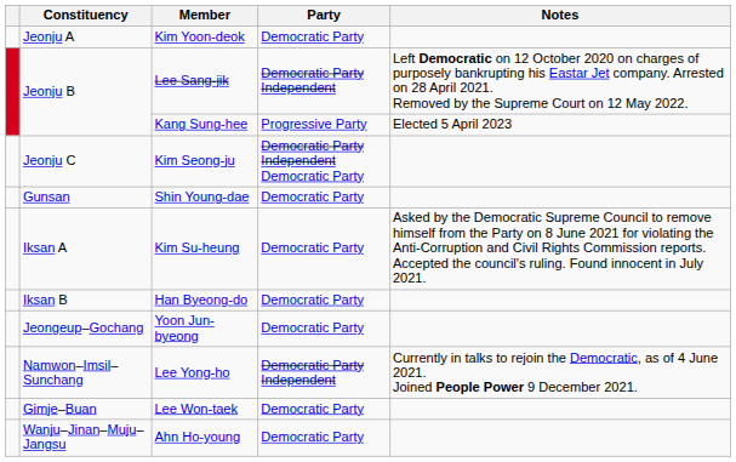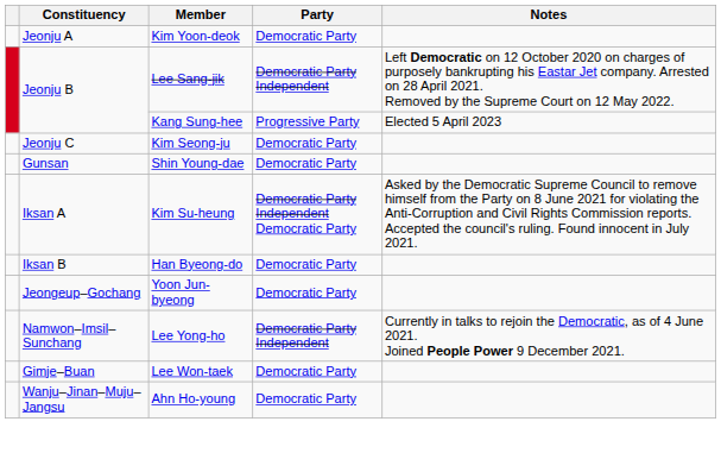 <table class="wikitable sortable">
 <tr>
 <th scope="col" style="width:10px;" class="unsortable"></th>
 <th scope="col" style="width:150px;">Constituency</th>
 <th scope="col" style="width:120px;">Member</th>
 <th scope="col" style="width:150px;">Party</th>
 <th scope="col" style="width:400px;" class="unsortable">Notes</th>
 </tr>
 <tr>
 <td scope="row" style="background-color:"></td>
 <td><a href='#'>Jeonju</a> A</td>
 <td><a href='#'>Kim Yoon-deok</a></td>
 <td><a href='#'>Democratic Party</a></td>
 <td></td>
 </tr>
 <tr>
 <td scope="row" rowspan="2" style="background:#D6001C;"></td>
 <td rowspan="2"><a href='#'>Jeonju</a> B</td>
 <td><s><a href='#'>Lee Sang-jik</a></s></td>
 <td><s><a href='#'>Democratic Party</a></s><br><s><a href='#'>Independent</a></s></td>
 <td>Left <strong>Democratic</strong> on 12 October 2020 on charges of purposely bankrupting his <a href='#'>Eastar Jet</a> company. Arrested on 28 April 2021.<br>Removed by the Supreme Court on 12 May 2022.</td>
 </tr>
 <tr>
 <td><a href='#'>Kang Sung-hee</a></td>
 <td><a href='#'>Progressive Party</a></td>
 <td>Elected 5 April 2023</td>
 </tr>
 <tr>
 <td scope="row" style="background-color:"></td>
 <td><a href='#'>Jeonju</a> C</td>
 <td><a href='#'>Kim Seong-ju</a></td>
-<td><s><a href='#'>Democratic Party</a></s><br><s><a href='#'>Independent</a></s><br><a href='#'>Democratic Party</a></td>
+<td><a href='#'>Democratic Party</a></td>
 <td></td>
 </tr>
 <tr>
 <td scope="row" style="background-color:"></td>
 <td><a href='#'>Gunsan</a></td>
 <td><a href='#'>Shin Young-dae</a></td>
 <td><a href='#'>Democratic Party</a></td>
 <td></td>
 </tr>
 <tr>
 <td scope="row" style="background-color:"></td>
 <td><a href='#'>Iksan</a> A</td>
 <td><a href='#'>Kim Su-heung</a></td>
-<td><a href='#'>Democratic Party</a></td>
+<td><s><a href='#'>Democratic Party</a></s><br><s><a href='#'>Independent</a></s><br><a href='#'>Democratic Party</a></td>
 <td>Asked by the Democratic Supreme Council to remove himself from the Party on 8 June 2021 for violating the Anti-Corruption and Civil Rights Commission reports. Accepted the council's ruling. Found innocent in July 2021.</td>
 </tr>
 <tr>
 <td scope="row" style="background-color:"></td>
 <td><a href='#'>Iksan</a> B</td>
 <td><a href='#'>Han Byeong-do</a></td>
 <td><a href='#'>Democratic Party</a></td>
 <td></td>
 </tr>
 <tr>
 <td scope="row" style="background-color:"></td>
 <td><a href='#'>Jeongeup</a>–<a href='#'>Gochang</a></td>
 <td><a href='#'>Yoon Jun-byeong</a></td>
 <td><a href='#'>Democratic Party</a></td>
 <td></td>
 </tr>
 <tr>
 <td scope="row" style="background-color:"></td>
 <td><a href='#'>Namwon</a>–<a href='#'>Imsil</a>–<a href='#'>Sunchang</a></td>
 <td><a href='#'>Lee Yong-ho</a></td>
 <td><s><a href='#'>Democratic Party</a></s><br><s><a href='#'>Independent</a></s></td>
 <td>Currently in talks to rejoin the <a href='#'>Democratic</a>, as of 4 June 2021.<br> Joined <strong>People Power</strong> 9 December 2021.</td>
 </tr>
 <tr>
 <td scope="row" style="background-color:"></td>
 <td><a href='#'>Gimje</a>–<a href='#'>Buan</a></td>
 <td><a href='#'>Lee Won-taek</a></td>
 <td><a href='#'>Democratic Party</a></td>
 <td></td>
 </tr>
 <tr>
 <td scope="row" style="background-color:"></td>
 <td><a href='#'>Wanju</a>–<a href='#'>Jinan</a>–<a href='#'>Muju</a>–<a href='#'>Jangsu</a></td>
 <td><a href='#'>Ahn Ho-young</a></td>
 <td><a href='#'>Democratic Party</a></td>
 <td></td>
 </tr>
 </table>
